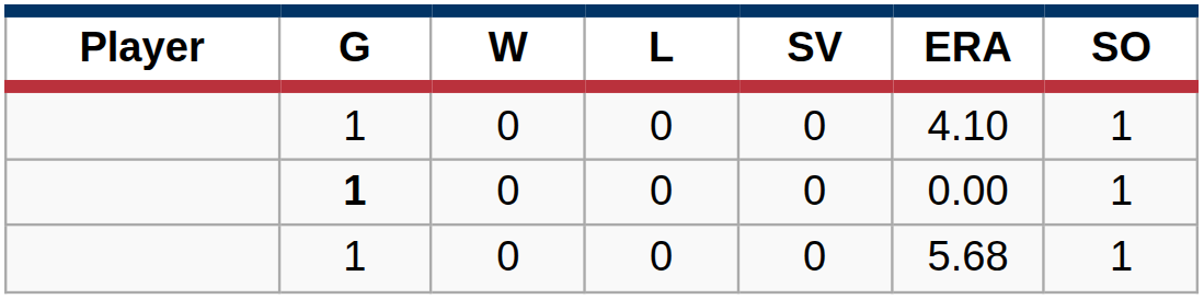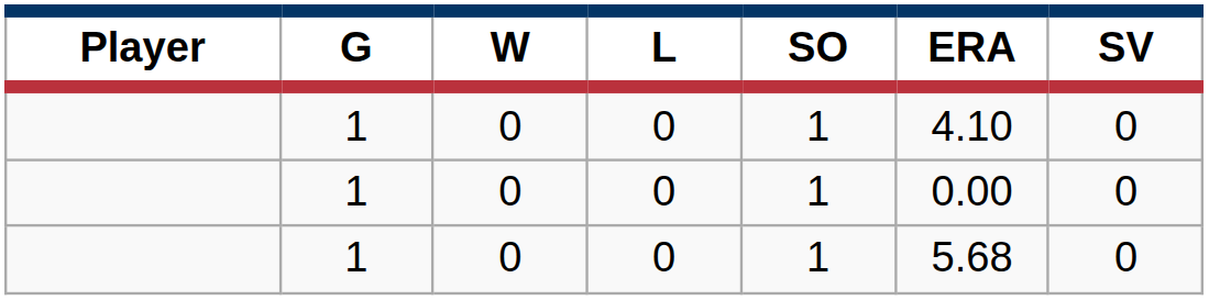 <table class="wikitable sortable">
 <tr>
 <th style="background:#FFFFFF; border-top:#023465 5px solid; border-bottom:#ba313c 5px solid;" width="16%">Player</th>
 <th style="background:#FFFFFF; border-top:#023465 5px solid; border-bottom:#ba313c 5px solid;" width="9%">G</th>
 <th style="background:#FFFFFF; border-top:#023465 5px solid; border-bottom:#ba313c 5px solid;" width="9%">W</th>
 <th style="background:#FFFFFF; border-top:#023465 5px solid; border-bottom:#ba313c 5px solid;" width="9%">L</th>
+<th style="background:#FFFFFF; border-top:#023465 5px solid; border-bottom:#ba313c 5px solid;" width="9%">SO</th>
+<th style="background:#FFFFFF; border-top:#023465 5px solid; border-bottom:#ba313c 5px solid;" width="9%">ERA</th>
 <th style="background:#FFFFFF; border-top:#023465 5px solid; border-bottom:#ba313c 5px solid;" width="9%">SV</th>
-<th style="background:#FFFFFF; border-top:#023465 5px solid; border-bottom:#ba313c 5px solid;" width="9%">ERA</th>
-<th style="background:#FFFFFF; border-top:#023465 5px solid; border-bottom:#ba313c 5px solid;" width="9%">SO</th>
 </tr>
 <tr align="center">
 <td></td>
 <td>1</td>
 <td>0</td>
 <td>0</td>
+<td>1</td>
+<td>4.10</td>
 <td>0</td>
-<td>4.10</td>
-<td>1</td>
-</tr>
-<tr align="center">
-<td></td>
-<td><strong>1</strong></td>
-<td>0</td>
-<td>0</td>
-<td>0</td>
-<td>0.00</td>
-<td>1</td>
 </tr>
 <tr align="center">
 <td></td>
 <td>1</td>
 <td>0</td>
 <td>0</td>
+<td>1</td>
+<td>0.00</td>
 <td>0</td>
+</tr>
+<tr align="center">
+<td></td>
+<td>1</td>
+<td>0</td>
+<td>0</td>
+<td>1</td>
 <td>5.68</td>
-<td>1</td>
+<td>0</td>
 </tr>
 </table>
